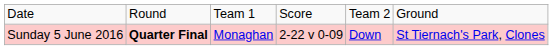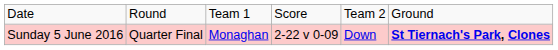 <table class="wikitable">
 <tr>
 <td>Date</td>
 <td>Round</td>
 <td>Team 1</td>
 <td>Score</td>
 <td>Team 2</td>
 <td>Ground</td>
 </tr>
 <tr style="background:#fdcbcb;">
 <td>Sunday 5 June 2016</td>
-<td><strong>Quarter Final</strong></td>
+<td>Quarter Final</td>
 <td><a href='#'>Monaghan</a></td>
 <td>2-22 v 0-09</td>
 <td><a href='#'>Down</a></td>
-<td><a href='#'>St Tiernach's Park</a>, <a href='#'>Clones</a></td>
+<td><strong><a href='#'>St Tiernach's Park</a>, <a href='#'>Clones</a></strong></td>
 </tr>
 </table>
